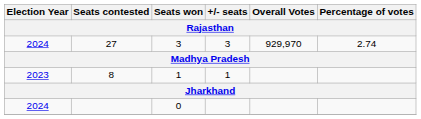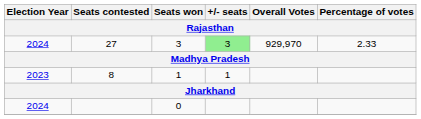 <table class="wikitable" style="text-align:center">
 <tr>
 <th Style="background-color:">Election Year</th>
 <th Style="background-color:">Seats contested</th>
 <th Style="background-color:">Seats won</th>
 <th Style="background-color:">+/- seats</th>
 <th Style="background-color:">Overall Votes</th>
 <th Style="background-color:">Percentage of votes</th>
 </tr>
 <tr>
 <th colspan=6><a href='#'>Rajasthan</a></th>
 </tr>
 <tr>
 <td><a href='#'>2024</a></td>
 <td>27</td>
 <td>3</td>
-<td> 3</td>
+<td style="background: lightgreen;"> 3</td>
 <td>929,970</td>
-<td>2.74</td>
+<td>2.33</td>
 </tr>
 <tr>
 <th colspan=6><a href='#'>Madhya Pradesh</a></th>
 </tr>
 <tr>
 <td><a href='#'>2023</a></td>
 <td>8</td>
 <td>1</td>
 <td> 1</td>
 <td></td>
 <td></td>
 </tr>
 <tr>
 <th colspan=6><a href='#'>Jharkhand</a></th>
 </tr>
 <tr>
 <td><a href='#'>2024</a></td>
 <td></td>
 <td>0</td>
 <td></td>
 <td></td>
 <td></td>
 </tr>
 <tr>
 </tr>
 </table>
